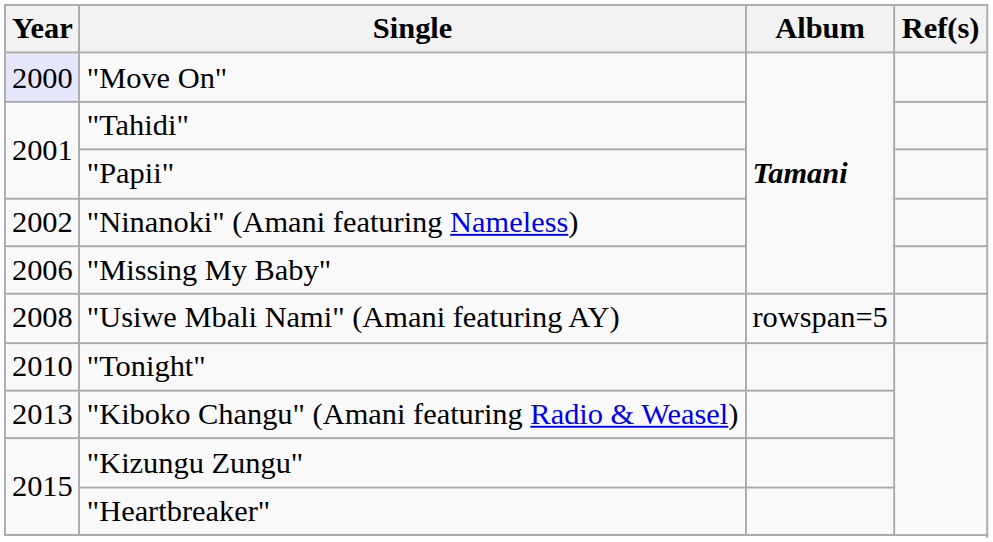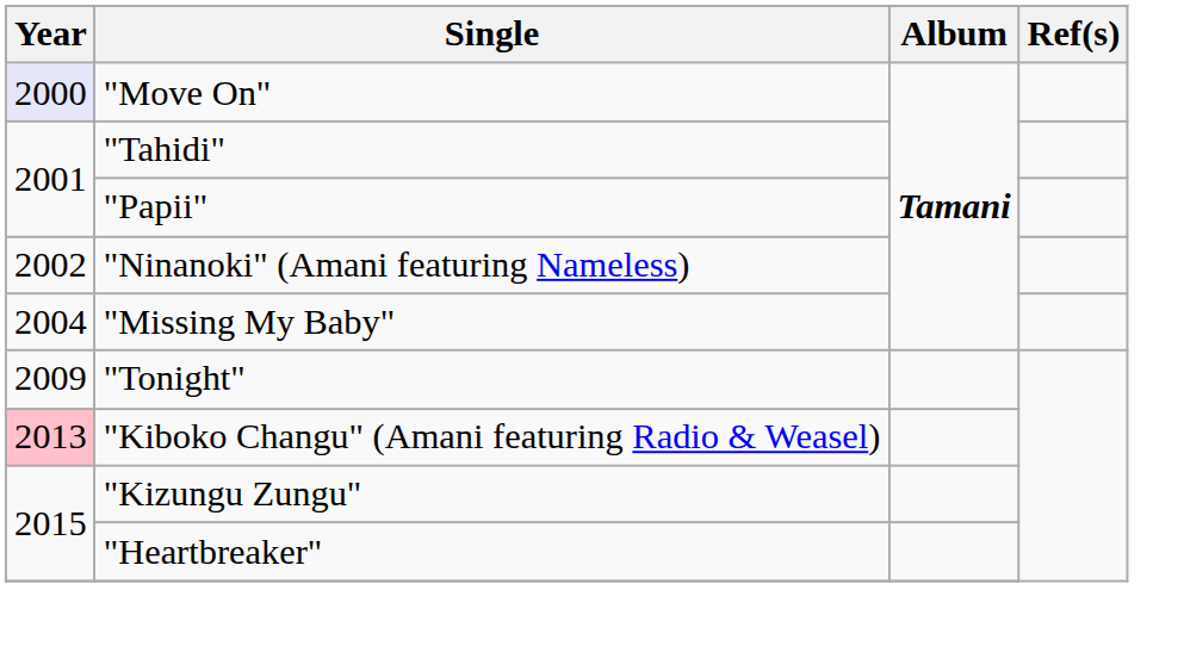 <table class="wikitable sortable">
 <tr>
 <th>Year</th>
 <th>Single</th>
 <th>Album</th>
 <th>Ref(s)</th>
 </tr>
 <tr>
 <td style="background: lavender;">2000</td>
 <td>"Move On"</td>
 <td rowspan=5><strong><em>Tamani</em></strong></td>
 <td></td>
 </tr>
 <tr>
 <td rowspan=2>2001</td>
 <td>"Tahidi"</td>
 <td></td>
 </tr>
 <tr>
 <td>"Papii"</td>
 <td></td>
 </tr>
 <tr>
 <td>2002</td>
 <td>"Ninanoki" (Amani featuring <a href='#'>Nameless</a>)</td>
 <td></td>
 </tr>
 <tr>
-<td>2006</td>
+<td>2004</td>
 <td>"Missing My Baby"</td>
 <td></td>
 </tr>
 <tr>
-<td>2008</td>
-<td>"Usiwe Mbali Nami" (Amani featuring AY)</td>
-<td>rowspan=5 </td>
-<td></td>
-</tr>
-<tr>
-<td>2010</td>
+<td>2009</td>
 <td>"Tonight"</td>
 <td></td>
 </tr>
 <tr>
-<td>2013</td>
+<td style="background: pink;">2013</td>
 <td>"Kiboko Changu" (Amani featuring <a href='#'>Radio & Weasel</a>)</td>
 <td></td>
 </tr>
 <tr>
 <td rowspan=2>2015</td>
 <td>"Kizungu Zungu"</td>
 <td></td>
 </tr>
 <tr>
 <td>"Heartbreaker"</td>
 <td></td>
 </tr>
 <tr>
 </tr>
 </table>
